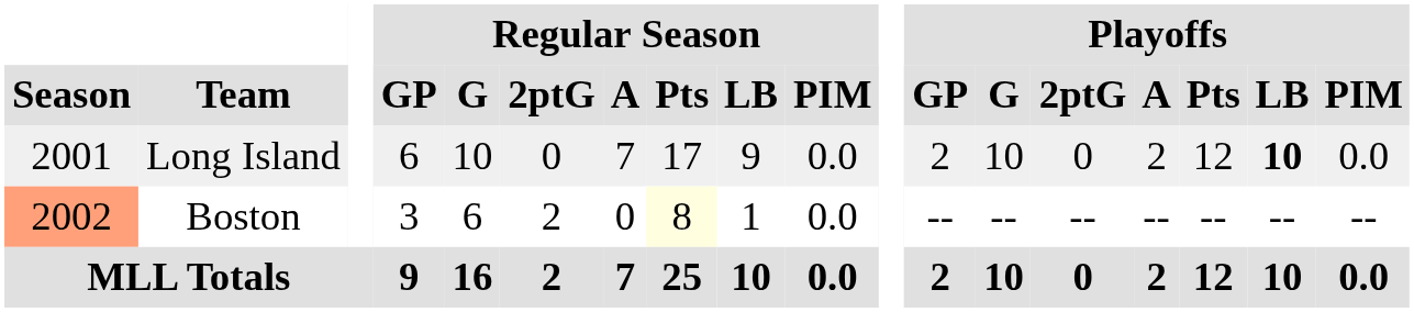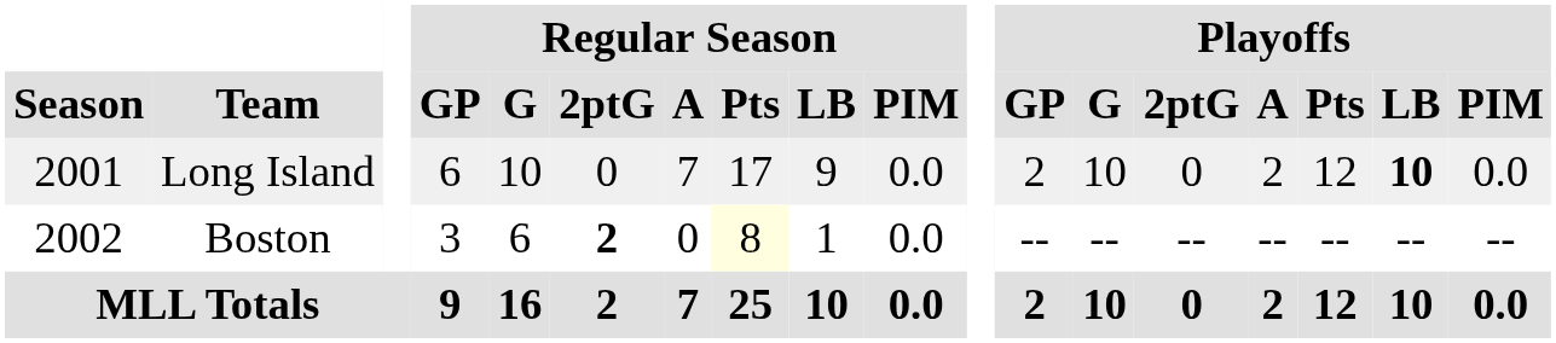 <table BORDER="0" CELLPADDING="3" CELLSPACING="0" ID="Table3">
 <tr ALIGN="center" bgcolor="#e0e0e0">
 <th ALIGN="center" colspan="2" bgcolor="#ffffff"> </th>
 <th ALIGN="center" rowspan="99" bgcolor="#ffffff"> </th>
 <th ALIGN="center" colspan="7">Regular Season</th>
 <th ALIGN="center" rowspan="99" bgcolor="#ffffff"> </th>
 <th ALIGN="center" colspan="7">Playoffs</th>
 </tr>
 <tr ALIGN="center" bgcolor="#e0e0e0">
 <th ALIGN="center">Season</th>
 <th ALIGN="center">Team</th>
 <th ALIGN="center">GP</th>
 <th ALIGN="center">G</th>
 <th ALIGN="center">2ptG</th>
 <th ALIGN="center">A</th>
 <th ALIGN="center">Pts</th>
 <th ALIGN="center">LB</th>
 <th ALIGN="center">PIM</th>
 <th ALIGN="center">GP</th>
 <th ALIGN="center">G</th>
 <th ALIGN="center">2ptG</th>
 <th ALIGN="center">A</th>
 <th ALIGN="center">Pts</th>
 <th ALIGN="center">LB</th>
 <th ALIGN="center">PIM</th>
 </tr>
 <tr ALIGN="center" bgcolor="#f0f0f0">
 <td ALIGN="center">2001</td>
 <td ALIGN="center">Long Island</td>
 <td ALIGN="center">6</td>
 <td ALIGN="center">10</td>
 <td ALIGN="center">0</td>
 <td ALIGN="center">7</td>
 <td ALIGN="center">17</td>
 <td ALIGN="center">9</td>
 <td ALIGN="center">0.0</td>
 <td ALIGN="center">2</td>
 <td ALIGN="center">10</td>
 <td ALIGN="center">0</td>
 <td ALIGN="center">2</td>
 <td ALIGN="center">12</td>
 <td ALIGN="center"><strong>10</strong></td>
 <td ALIGN="center">0.0</td>
 </tr>
 <tr ALIGN="center">
-<td ALIGN="center" style="background: lightsalmon;">2002</td>
+<td ALIGN="center">2002</td>
 <td ALIGN="center">Boston</td>
 <td ALIGN="center">3</td>
 <td ALIGN="center">6</td>
-<td ALIGN="center">2</td>
+<td ALIGN="center"><strong>2</strong></td>
 <td ALIGN="center">0</td>
 <td ALIGN="center" style="background: lightyellow;">8</td>
 <td ALIGN="center">1</td>
 <td ALIGN="center">0.0</td>
 <td ALIGN="center">--</td>
 <td ALIGN="center">--</td>
 <td ALIGN="center">--</td>
 <td ALIGN="center">--</td>
 <td ALIGN="center">--</td>
 <td ALIGN="center">--</td>
 <td ALIGN="center">--</td>
 </tr>
 <tr ALIGN="center" bgcolor="#e0e0e0">
 <th colspan="3">MLL Totals</th>
 <th ALIGN="center">9</th>
 <th ALIGN="center">16</th>
 <th ALIGN="center">2</th>
 <th ALIGN="center">7</th>
 <th ALIGN="center">25</th>
 <th ALIGN="center">10</th>
 <th ALIGN="center">0.0</th>
 <th ALIGN="center">2</th>
 <th ALIGN="center">10</th>
 <th ALIGN="center">0</th>
 <th ALIGN="center">2</th>
 <th ALIGN="center">12</th>
 <th ALIGN="center">10</th>
 <th ALIGN="center">0.0</th>
 </tr>
 </table>
